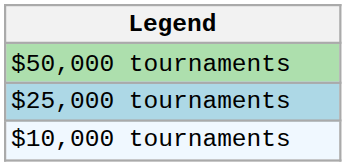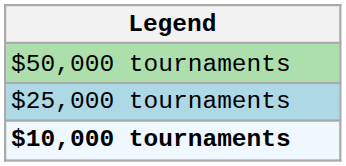 <table class="wikitable" style="font-size:85%;" width=12%>
 <tr>
 <th>Legend</th>
 </tr>
 <tr style="background:#addfad;">
 <td>$50,000 tournaments</td>
 </tr>
 <tr style="background:lightblue;">
 <td>$25,000 tournaments</td>
 </tr>
 <tr style="background:#f0f8ff;">
-<td>$10,000 tournaments</td>
+<td><strong>$10,000 tournaments</strong></td>
 </tr>
 </table>
